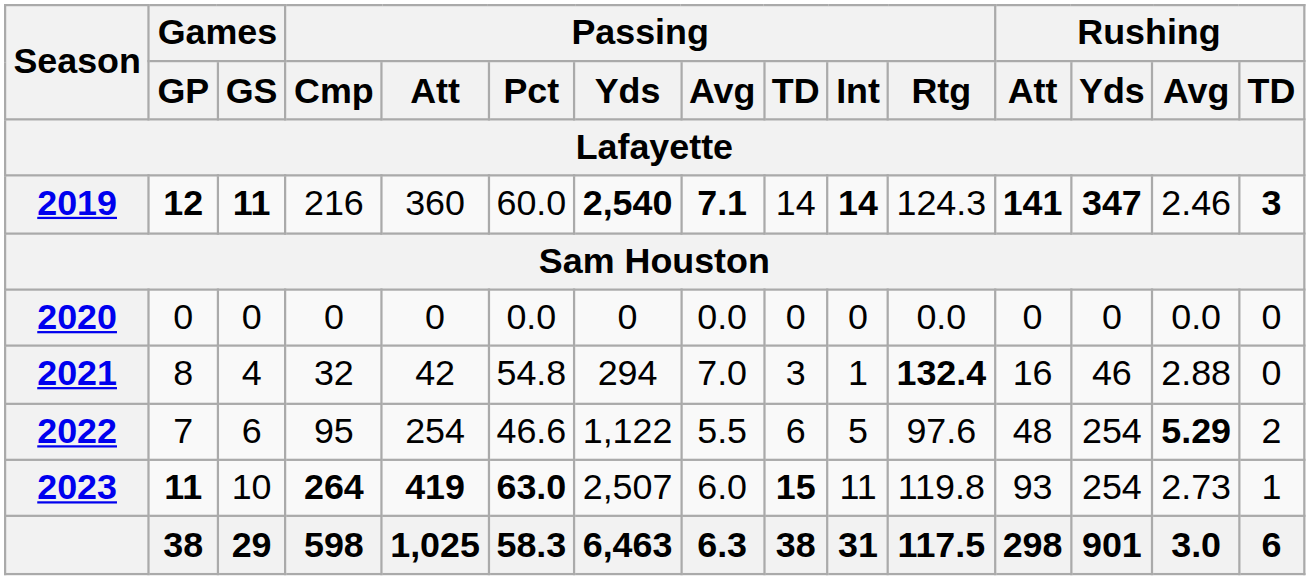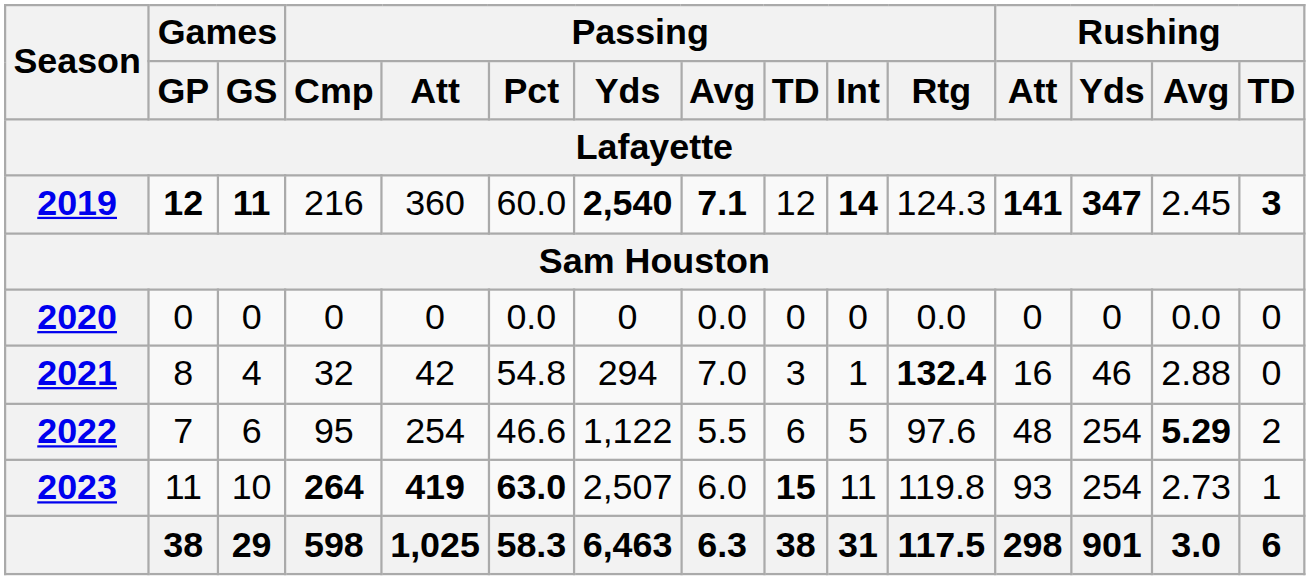 <table class="wikitable" style="text-align:center;">
 <tr>
 <th rowspan="2">Season</th>
 <th colspan="2">Games</th>
 <th colspan="8">Passing</th>
 <th colspan="5">Rushing</th>
 </tr>
 <tr>
 <th>GP</th>
 <th>GS</th>
 <th>Cmp</th>
 <th>Att</th>
 <th>Pct</th>
 <th>Yds</th>
 <th>Avg</th>
 <th>TD</th>
 <th>Int</th>
 <th>Rtg</th>
 <th>Att</th>
 <th>Yds</th>
 <th>Avg</th>
 <th>TD</th>
 </tr>
 <tr>
 <th colspan="15">Lafayette</th>
 </tr>
 <tr>
 <th><a href='#'>2019</a></th>
 <td><strong>12</strong></td>
 <td><strong>11</strong></td>
 <td>216</td>
 <td>360</td>
 <td>60.0</td>
 <td><strong>2,540</strong></td>
 <td><strong>7.1</strong></td>
-<td>14</td>
+<td>12</td>
 <td><strong>14</strong></td>
 <td>124.3</td>
 <td><strong>141</strong></td>
 <td><strong>347</strong></td>
-<td>2.46</td>
+<td>2.45</td>
 <td><strong>3</strong></td>
 </tr>
 <tr>
 <th colspan="16">Sam Houston</th>
 </tr>
 <tr>
 <th><a href='#'>2020</a></th>
 <td>0</td>
 <td>0</td>
 <td>0</td>
 <td>0</td>
 <td>0.0</td>
 <td>0</td>
 <td>0.0</td>
 <td>0</td>
 <td>0</td>
 <td>0.0</td>
 <td>0</td>
 <td>0</td>
 <td>0.0</td>
 <td>0</td>
 </tr>
 <tr>
 <th><a href='#'>2021</a></th>
 <td>8</td>
 <td>4</td>
 <td>32</td>
 <td>42</td>
 <td>54.8</td>
 <td>294</td>
 <td>7.0</td>
 <td>3</td>
 <td>1</td>
 <td><strong>132.4</strong></td>
 <td>16</td>
 <td>46</td>
 <td>2.88</td>
 <td>0</td>
 </tr>
 <tr>
 <th><a href='#'>2022</a></th>
 <td>7</td>
 <td>6</td>
 <td>95</td>
 <td>254</td>
 <td>46.6</td>
 <td>1,122</td>
 <td>5.5</td>
 <td>6</td>
 <td>5</td>
 <td>97.6</td>
 <td>48</td>
 <td>254</td>
 <td><strong>5.29</strong></td>
 <td>2</td>
 </tr>
 <tr>
 <th><a href='#'>2023</a></th>
-<td><strong>11</strong></td>
+<td>11</td>
 <td>10</td>
 <td><strong>264</strong></td>
 <td><strong>419</strong></td>
 <td><strong>63.0</strong></td>
 <td>2,507</td>
 <td>6.0</td>
 <td><strong>15</strong></td>
 <td>11</td>
 <td>119.8</td>
 <td>93</td>
 <td>254</td>
 <td>2.73</td>
 <td>1</td>
 </tr>
 <tr>
 <th></th>
 <th>38</th>
 <th>29</th>
 <th>598</th>
 <th>1,025</th>
 <th>58.3</th>
 <th>6,463</th>
 <th>6.3</th>
 <th>38</th>
 <th>31</th>
 <th>117.5</th>
 <th>298</th>
 <th>901</th>
 <th>3.0</th>
 <th>6</th>
 </tr>
 </table>
